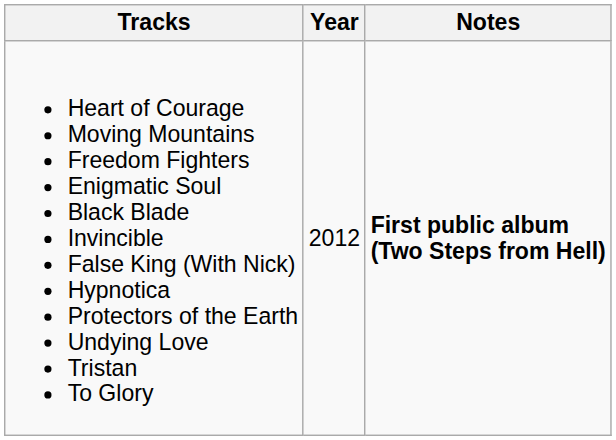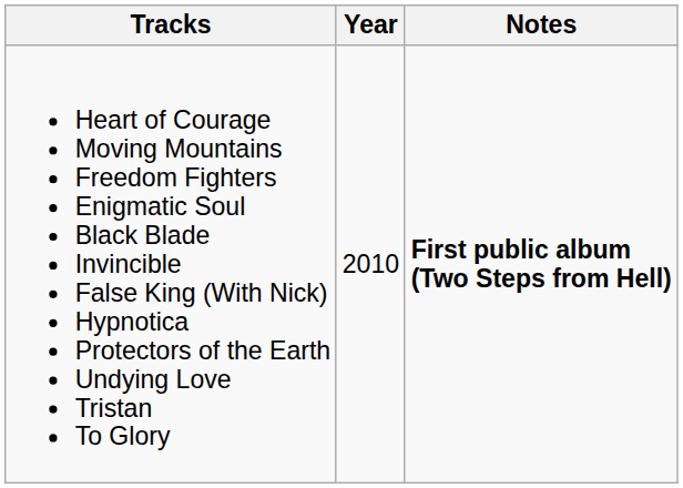 <table class="wikitable sortable">
 <tr>
 <th>Tracks</th>
 <th>Year</th>
 <th>Notes</th>
 </tr>
 <tr>
 <td><br><ul><li>Heart of Courage</li><li>Moving Mountains</li><li>Freedom Fighters</li><li>Enigmatic Soul</li><li>Black Blade</li><li>Invincible</li><li>False King (With Nick)</li><li>Hypnotica</li><li>Protectors of the Earth</li><li>Undying Love</li><li>Tristan</li><li>To Glory</li></ul></td>
-<td>2012</td>
+<td>2010</td>
 <td><strong>First public album<br>(Two Steps from Hell)</strong></td>
 </tr>
 </table>
